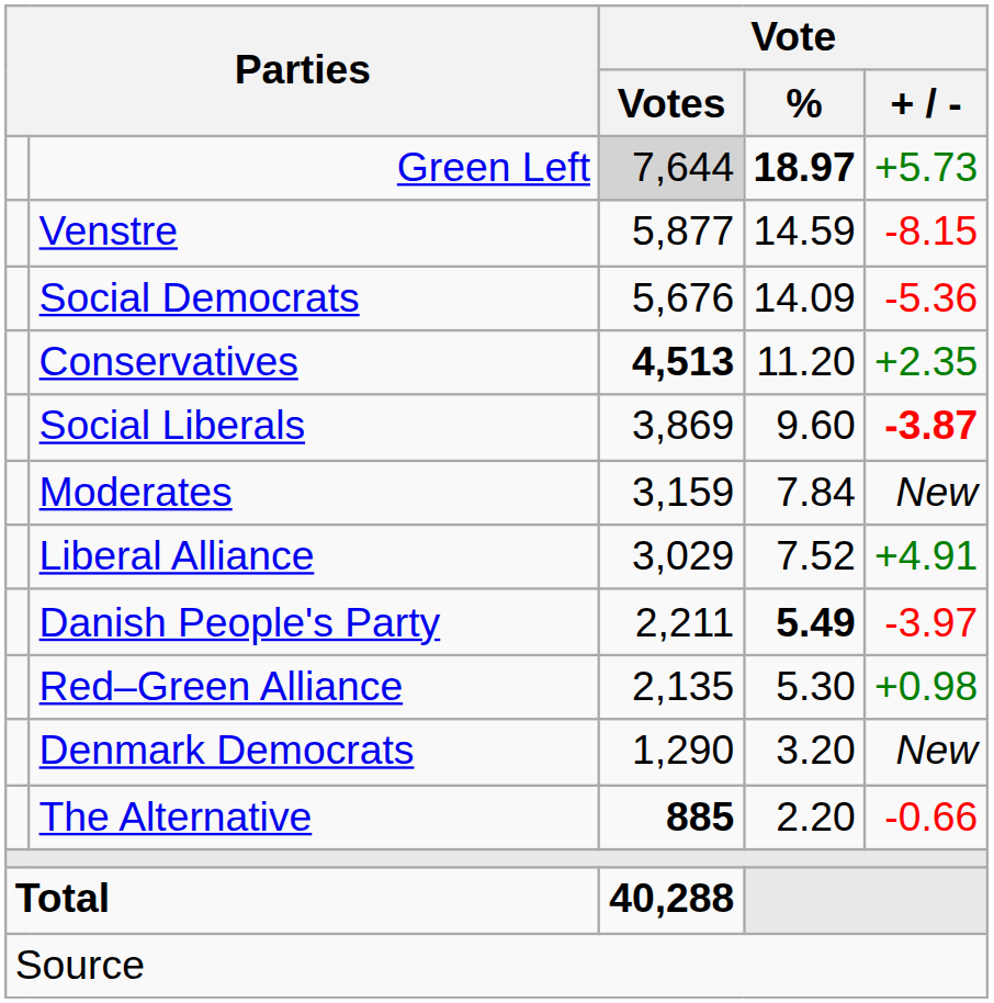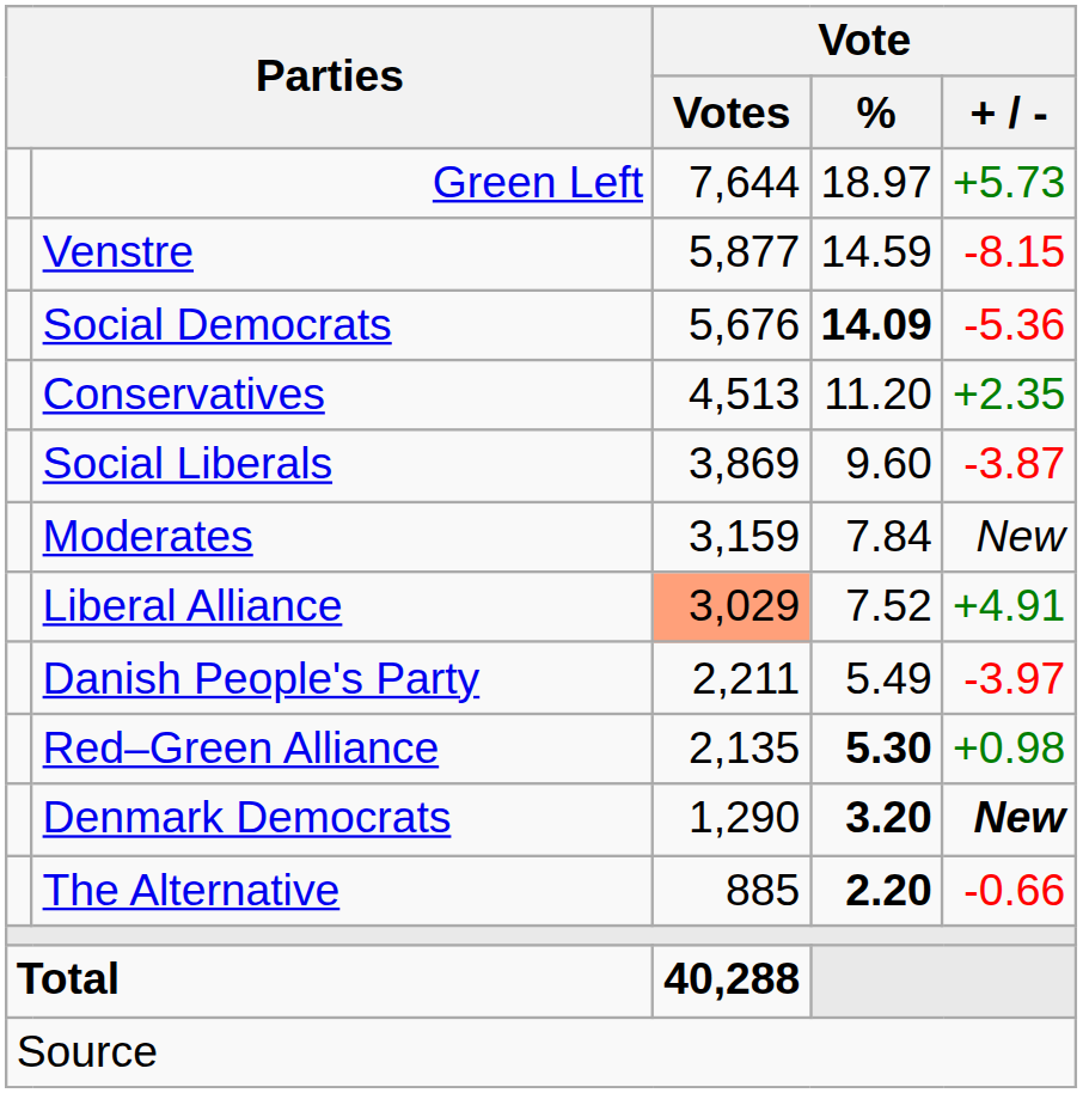 <table class="wikitable" style="text-align:right;">
 <tr>
 <th style="text-align:centre;" rowspan="2" colspan="2" width="225">Parties</th>
 <th colspan="3">Vote</th>
 </tr>
 <tr>
 <th width="15">Votes</th>
 <th width="15">%</th>
 <th width="15">+ / -</th>
 </tr>
 <tr>
 <td width=2 bgcolor=></td>
 <td><a href='#'>Green Left</a></td>
-<td style="background: lightgrey;">7,644</td>
-<td><strong>18.97</strong></td>
+<td>7,644</td>
+<td>18.97</td>
 <td style=color:green;>+5.73</td>
 </tr>
 <tr>
 <td width=2 bgcolor=></td>
 <td align=left><a href='#'>Venstre</a></td>
 <td>5,877</td>
 <td>14.59</td>
 <td style=color:red;>-8.15</td>
 </tr>
 <tr>
 <td width=2 bgcolor=></td>
 <td align=left><a href='#'>Social Democrats</a></td>
 <td>5,676</td>
-<td>14.09</td>
+<td><strong>14.09</strong></td>
 <td style=color:red;>-5.36</td>
 </tr>
 <tr>
 <td width=2 bgcolor=></td>
 <td align=left><a href='#'>Conservatives</a></td>
-<td><strong>4,513</strong></td>
+<td>4,513</td>
 <td>11.20</td>
 <td style=color:green;>+2.35</td>
 </tr>
 <tr>
 <td width=2 bgcolor=></td>
 <td align=left><a href='#'>Social Liberals</a></td>
 <td>3,869</td>
 <td>9.60</td>
-<td style=color:red;><strong>-3.87</strong></td>
+<td style=color:red;>-3.87</td>
 </tr>
 <tr>
 <td width=2 bgcolor=></td>
 <td align=left><a href='#'>Moderates</a></td>
 <td>3,159</td>
 <td>7.84</td>
 <td><em>New</em></td>
 </tr>
 <tr>
 <td width=2 bgcolor=></td>
 <td align=left><a href='#'>Liberal Alliance</a></td>
-<td>3,029</td>
+<td style="background: lightsalmon;">3,029</td>
 <td>7.52</td>
 <td style=color:green;>+4.91</td>
 </tr>
 <tr>
 <td width=2 bgcolor=></td>
 <td align=left><a href='#'>Danish People's Party</a></td>
 <td>2,211</td>
-<td><strong>5.49</strong></td>
+<td>5.49</td>
 <td style=color:red;>-3.97</td>
 </tr>
 <tr>
 <td width=2 bgcolor=></td>
 <td align=left><a href='#'>Red–Green Alliance</a></td>
 <td>2,135</td>
-<td>5.30</td>
+<td><strong>5.30</strong></td>
 <td style=color:green;>+0.98</td>
 </tr>
 <tr>
 <td width=2 bgcolor=></td>
 <td align=left><a href='#'>Denmark Democrats</a></td>
 <td>1,290</td>
-<td>3.20</td>
-<td><em>New</em></td>
+<td><strong>3.20</strong></td>
+<td><strong><em>New</em></strong></td>
 </tr>
 <tr>
 <td width=2 bgcolor=></td>
 <td align=left><a href='#'>The Alternative</a></td>
-<td><strong>885</strong></td>
-<td>2.20</td>
+<td>885</td>
+<td><strong>2.20</strong></td>
 <td style=color:red;>-0.66</td>
 </tr>
 <tr>
 <td colspan="7" bgcolor="#E9E9E9"></td>
 </tr>
 <tr>
 <td align="left" colspan="2"><strong>Total</strong></td>
 <td><strong>40,288</strong></td>
 <td bgcolor=#E9E9E9 colspan=2></td>
 </tr>
 <tr>
 <td align="left" colspan="6">Source</td>
 </tr>
 </table>
